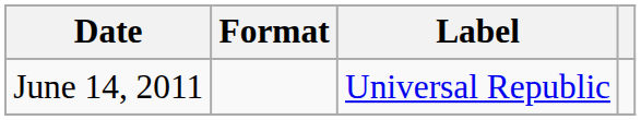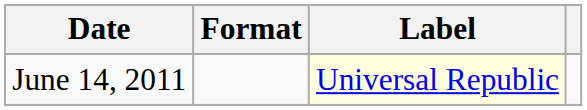 <table class="wikitable plainrowheaders">
 <tr>
 <th scope="col">Date</th>
 <th scope="col">Format</th>
 <th scope="col">Label</th>
 <th scope="col"></th>
 </tr>
 <tr>
 <td>June 14, 2011</td>
 <td></td>
-<td><a href='#'>Universal Republic</a></td>
+<td style="background: lightyellow;"><a href='#'>Universal Republic</a></td>
 <td></td>
 </tr>
 <tr>
 </tr>
 </table>
